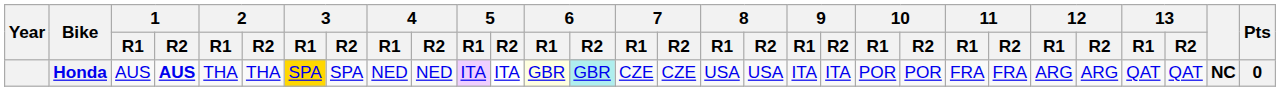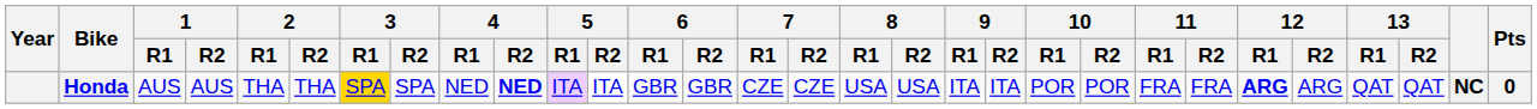 <table class="wikitable" style="text-align:center; font-size:90%;">
 <tr>
 <th rowspan="2">Year</th>
 <th rowspan="2">Bike</th>
 <th colspan="2">1</th>
 <th colspan="2">2</th>
 <th colspan="2">3</th>
 <th colspan="2">4</th>
 <th colspan="2">5</th>
 <th colspan="2">6</th>
 <th colspan="2">7</th>
 <th colspan="2">8</th>
 <th colspan="2">9</th>
 <th colspan="2">10</th>
 <th colspan="2">11</th>
 <th colspan="2">12</th>
 <th colspan="2">13</th>
 <th rowspan="2"></th>
 <th rowspan="2">Pts</th>
 </tr>
 <tr>
 <th>R1</th>
 <th>R2</th>
 <th>R1</th>
 <th>R2</th>
 <th>R1</th>
 <th>R2</th>
 <th>R1</th>
 <th>R2</th>
 <th>R1</th>
 <th>R2</th>
 <th>R1</th>
 <th>R2</th>
 <th>R1</th>
 <th>R2</th>
 <th>R1</th>
 <th>R2</th>
 <th>R1</th>
 <th>R2</th>
 <th>R1</th>
 <th>R2</th>
 <th>R1</th>
 <th>R2</th>
 <th>R1</th>
 <th>R2</th>
 <th>R1</th>
 <th>R2</th>
 </tr>
 <tr>
 <th></th>
 <th><a href='#'>Honda</a></th>
 <td><a href='#'>AUS</a></td>
-<td><strong><a href='#'>AUS</a></strong></td>
+<td><a href='#'>AUS</a></td>
 <td><a href='#'>THA</a></td>
 <td><a href='#'>THA</a></td>
 <td style="background: gold;"><a href='#'>SPA</a></td>
 <td><a href='#'>SPA</a></td>
 <td><a href='#'>NED</a></td>
-<td><a href='#'>NED</a></td>
+<td><strong><a href='#'>NED</a></strong></td>
 <td style="background:#EFCFFF;"><a href='#'>ITA</a><br></td>
 <td style="background:#FFFFFF;"><a href='#'>ITA</a><br></td>
-<td style="background: lightyellow;"><a href='#'>GBR</a></td>
-<td style="background: paleturquoise;"><a href='#'>GBR</a></td>
+<td><a href='#'>GBR</a></td>
+<td><a href='#'>GBR</a></td>
 <td><a href='#'>CZE</a></td>
 <td><a href='#'>CZE</a></td>
 <td><a href='#'>USA</a></td>
 <td><a href='#'>USA</a></td>
 <td><a href='#'>ITA</a></td>
 <td><a href='#'>ITA</a></td>
 <td><a href='#'>POR</a></td>
 <td><a href='#'>POR</a></td>
 <td><a href='#'>FRA</a></td>
 <td><a href='#'>FRA</a></td>
-<td><a href='#'>ARG</a></td>
+<td><strong><a href='#'>ARG</a></strong></td>
 <td><a href='#'>ARG</a></td>
 <td><a href='#'>QAT</a></td>
 <td><a href='#'>QAT</a></td>
 <th>NC</th>
 <th>0</th>
 </tr>
 </table>
